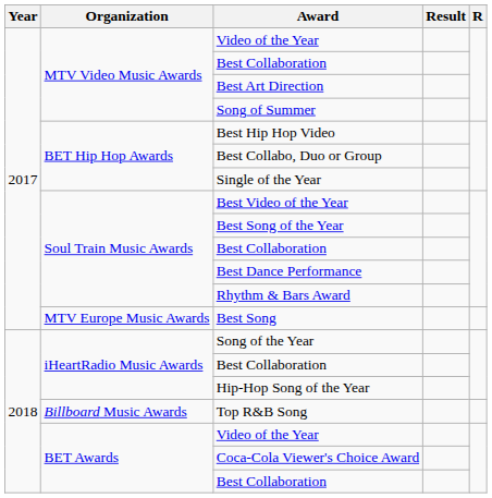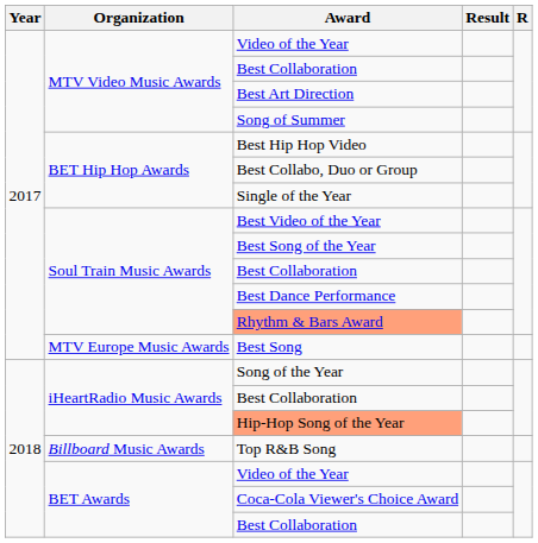 <table class="wikitable" border="1">
 <tr>
 <th>Year</th>
 <th>Organization</th>
 <th>Award</th>
 <th>Result</th>
 <th>R</th>
 </tr>
 <tr>
 <td rowspan="13">2017</td>
 <td rowspan="4"><a href='#'>MTV Video Music Awards</a></td>
 <td><a href='#'>Video of the Year</a></td>
 <td></td>
 <td rowspan="4"></td>
 </tr>
 <tr>
 <td><a href='#'>Best Collaboration</a></td>
 <td></td>
 </tr>
 <tr>
 <td><a href='#'>Best Art Direction</a></td>
 <td></td>
 </tr>
 <tr>
 <td><a href='#'>Song of Summer</a></td>
 <td></td>
 </tr>
 <tr>
 <td rowspan="3"><a href='#'>BET Hip Hop Awards</a></td>
 <td>Best Hip Hop Video</td>
 <td></td>
 <td rowspan="3"></td>
 </tr>
 <tr>
 <td>Best Collabo, Duo or Group</td>
 <td></td>
 </tr>
 <tr>
 <td>Single of the Year</td>
 <td></td>
 </tr>
 <tr>
 <td rowspan="5"><a href='#'>Soul Train Music Awards</a></td>
 <td><a href='#'>Best Video of the Year</a></td>
 <td></td>
 <td rowspan="5"></td>
 </tr>
 <tr>
 <td><a href='#'>Best Song of the Year</a></td>
 <td></td>
 </tr>
 <tr>
 <td><a href='#'>Best Collaboration</a></td>
 <td></td>
 </tr>
 <tr>
 <td><a href='#'>Best Dance Performance</a></td>
 <td></td>
 </tr>
 <tr>
-<td><a href='#'>Rhythm & Bars Award</a></td>
+<td style="background: lightsalmon;"><a href='#'>Rhythm & Bars Award</a></td>
 <td></td>
 </tr>
 <tr>
 <td><a href='#'>MTV Europe Music Awards</a></td>
 <td><a href='#'>Best Song</a></td>
 <td></td>
 <td></td>
 </tr>
 <tr>
 <td rowspan="7">2018</td>
 <td rowspan="3"><a href='#'>iHeartRadio Music Awards</a></td>
 <td>Song of the Year</td>
 <td></td>
 <td rowspan="3"></td>
 </tr>
 <tr>
 <td>Best Collaboration</td>
 <td></td>
 </tr>
 <tr>
-<td>Hip-Hop Song of the Year</td>
+<td style="background: lightsalmon;">Hip-Hop Song of the Year</td>
 <td></td>
 </tr>
 <tr>
 <td><a href='#'><em>Billboard</em> Music Awards</a></td>
 <td>Top R&B Song</td>
 <td></td>
 <td></td>
 </tr>
 <tr>
 <td rowspan="3"><a href='#'>BET Awards</a></td>
 <td><a href='#'>Video of the Year</a></td>
 <td></td>
 <td rowspan="3"></td>
 </tr>
 <tr>
 <td><a href='#'>Coca-Cola Viewer's Choice Award</a></td>
 <td></td>
 </tr>
 <tr>
 <td><a href='#'>Best Collaboration</a></td>
 <td></td>
 </tr>
 </table>
